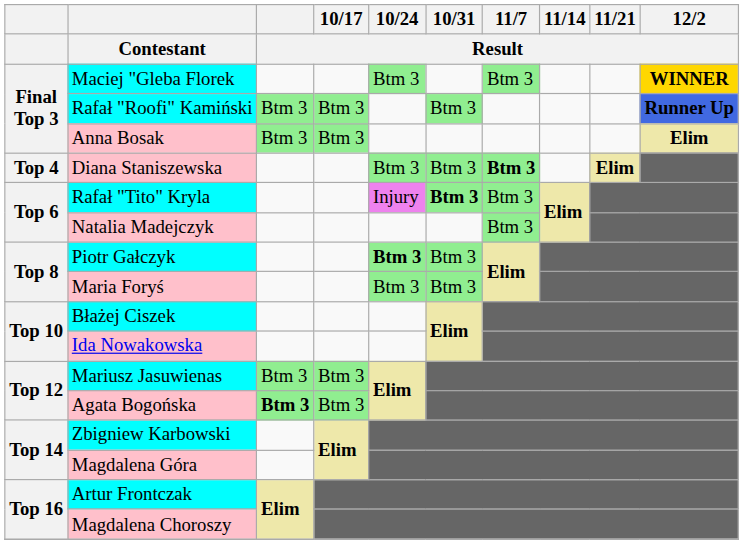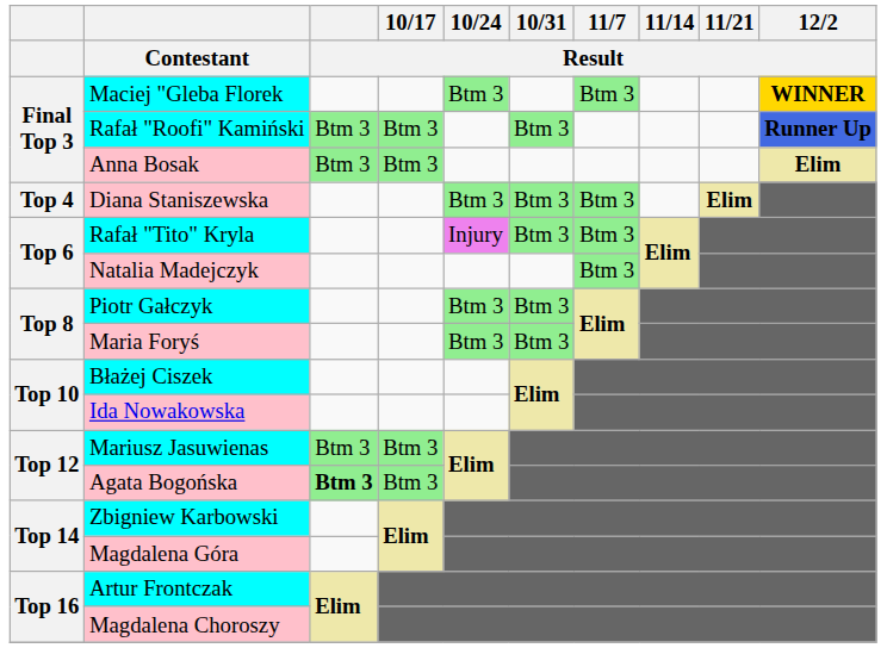 <table class="wikitable" style="margin:1em auto;">
 <tr>
 <th></th>
 <th></th>
 <th></th>
 <th>10/17</th>
 <th>10/24</th>
 <th>10/31</th>
 <th>11/7</th>
 <th>11/14</th>
 <th>11/21</th>
 <th>12/2</th>
 </tr>
 <tr>
 <th></th>
 <th>Contestant</th>
 <th colspan="8" align="center">Result</th>
 </tr>
 <tr>
 <th rowspan="3">Final<br>Top 3</th>
 <td bgcolor="cyan">Maciej "Gleba Florek</td>
 <td></td>
 <td></td>
 <td style="background:lightgreen;">Btm 3</td>
 <td></td>
 <td style="background:lightgreen;">Btm 3</td>
 <td></td>
 <td></td>
 <td bgcolor="gold" align="center"><strong>WINNER</strong></td>
 </tr>
 <tr>
 <td bgcolor="cyan">Rafał "Roofi" Kamiński</td>
 <td style="background:lightgreen;">Btm 3</td>
 <td style="background:lightgreen;">Btm 3</td>
 <td></td>
 <td style="background:lightgreen;">Btm 3</td>
 <td></td>
 <td></td>
 <td></td>
 <td bgcolor="royalblue" align="center"><strong>Runner Up</strong></td>
 </tr>
 <tr>
 <td bgcolor="pink">Anna Bosak</td>
 <td style="background:lightgreen;">Btm 3</td>
 <td style="background:lightgreen;">Btm 3</td>
 <td></td>
 <td></td>
 <td></td>
 <td></td>
 <td></td>
 <td bgcolor="palegoldenrod" align="center"><strong>Elim</strong></td>
 </tr>
 <tr>
 <th>Top 4</th>
 <td bgcolor="pink">Diana Staniszewska</td>
 <td></td>
 <td></td>
 <td style="background:lightgreen;">Btm 3</td>
 <td style="background:lightgreen;">Btm 3</td>
-<td style="background:lightgreen;"><strong>Btm 3</strong></td>
+<td style="background:lightgreen;">Btm 3</td>
 <td></td>
 <td bgcolor="palegoldenrod" align="center"><strong>Elim</strong></td>
 <td bgcolor="666666"></td>
 </tr>
 <tr>
 <th rowspan="2">Top 6</th>
 <td bgcolor="cyan">Rafał "Tito" Kryla</td>
 <td></td>
 <td></td>
 <td style="background:violet;">Injury</td>
-<td style="background:lightgreen;"><strong>Btm 3</strong></td>
+<td style="background:lightgreen;">Btm 3</td>
 <td style="background:lightgreen;">Btm 3</td>
 <td rowspan="2" bgcolor="palegoldenrod"><strong>Elim</strong></td>
 <td colspan="2" bgcolor="666666"></td>
 </tr>
 <tr>
 <td bgcolor="pink">Natalia Madejczyk</td>
 <td></td>
 <td></td>
 <td></td>
 <td></td>
 <td style="background:lightgreen;">Btm 3</td>
 <td colspan="2" bgcolor="666666"></td>
 </tr>
 <tr>
 <th rowspan="2">Top 8</th>
 <td bgcolor="cyan">Piotr Gałczyk</td>
 <td></td>
 <td></td>
-<td style="background:lightgreen;"><strong>Btm 3</strong></td>
+<td style="background:lightgreen;">Btm 3</td>
 <td style="background:lightgreen;">Btm 3</td>
 <td rowspan="2" bgcolor="palegoldenrod"><strong>Elim</strong></td>
 <td colspan="3" bgcolor="666666"></td>
 </tr>
 <tr>
 <td bgcolor="pink">Maria Foryś</td>
 <td></td>
 <td></td>
 <td style="background:lightgreen;">Btm 3</td>
 <td style="background:lightgreen;">Btm 3</td>
 <td colspan="3" bgcolor="666666"></td>
 </tr>
 <tr>
 <th rowspan="2">Top 10</th>
 <td bgcolor="cyan">Błażej Ciszek</td>
 <td></td>
 <td></td>
 <td></td>
 <td rowspan="2" bgcolor="palegoldenrod"><strong>Elim</strong></td>
 <td colspan="4" bgcolor="666666"></td>
 </tr>
 <tr>
 <td bgcolor="pink"><a href='#'>Ida Nowakowska</a></td>
 <td></td>
 <td></td>
 <td></td>
 <td colspan="4" bgcolor="666666"></td>
 </tr>
 <tr>
 <th rowspan="2">Top 12</th>
 <td bgcolor="cyan">Mariusz Jasuwienas</td>
 <td style="background:lightgreen;">Btm 3</td>
 <td style="background:lightgreen;">Btm 3</td>
 <td rowspan="2" bgcolor="palegoldenrod"><strong>Elim</strong></td>
 <td colspan="5" bgcolor="666666"></td>
 </tr>
 <tr>
 <td bgcolor="pink">Agata Bogońska</td>
 <td style="background:lightgreen;"><strong>Btm 3</strong></td>
 <td style="background:lightgreen;">Btm 3</td>
 <td colspan="5" bgcolor="666666"></td>
 </tr>
 <tr>
 <th rowspan="2">Top 14</th>
 <td bgcolor="cyan">Zbigniew Karbowski</td>
 <td></td>
 <td rowspan="2" bgcolor="palegoldenrod"><strong>Elim</strong></td>
 <td colspan="6" bgcolor="666666"></td>
 </tr>
 <tr>
 <td bgcolor="pink">Magdalena Góra</td>
 <td></td>
 <td colspan="6" bgcolor="666666"></td>
 </tr>
 <tr>
 <th rowspan="2">Top 16</th>
 <td bgcolor="cyan">Artur Frontczak</td>
 <td rowspan="2" bgcolor="palegoldenrod"><strong>Elim</strong></td>
 <td colspan="7" bgcolor="666666"></td>
 </tr>
 <tr>
 <td bgcolor="pink">Magdalena Choroszy</td>
 <td colspan="7" bgcolor="666666"></td>
 </tr>
 <tr>
 </tr>
 </table>
